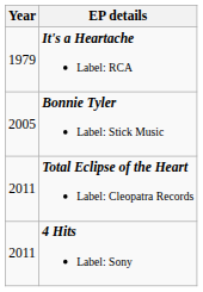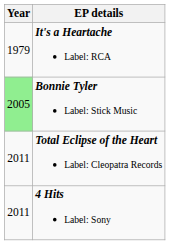 <table class="wikitable" style="text-align:center;">
 <tr>
 <th>Year</th>
 <th>EP details</th>
 </tr>
 <tr>
 <td>1979</td>
 <td align="left"><strong><em>It's a Heartache</em></strong><br><ul><li><small>Label: RCA</small></li></ul></td>
 </tr>
 <tr>
-<td>2005</td>
+<td style="background: lightgreen;">2005</td>
 <td align="left"><strong><em>Bonnie Tyler</em></strong><br><ul><li><small>Label: Stick Music</small></li></ul></td>
 </tr>
 <tr>
 <td>2011</td>
 <td align="left"><strong><em>Total Eclipse of the Heart</em></strong><br><ul><li><small>Label: Cleopatra Records</small></li></ul></td>
 </tr>
 <tr>
 <td>2011</td>
 <td align="left"><strong><em>4 Hits</em></strong><br><ul><li><small>Label: Sony</small></li></ul></td>
 </tr>
 </table>
